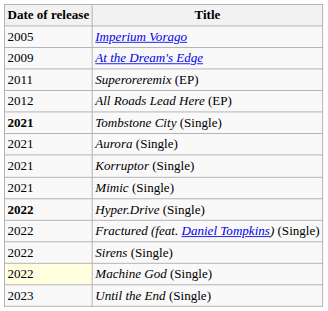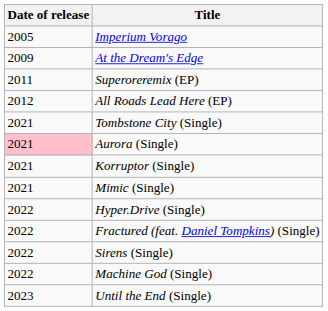 <table class="wikitable" style="font-size: 95%;">
 <tr>
 <th>Date of release</th>
 <th>Title</th>
 </tr>
 <tr>
 <td>2005</td>
 <td><em><a href='#'>Imperium Vorago</a></em></td>
 </tr>
 <tr>
 <td>2009</td>
 <td><em><a href='#'>At the Dream's Edge</a></em></td>
 </tr>
 <tr>
 <td>2011</td>
 <td><em>Superoreremix</em> (EP)</td>
 </tr>
 <tr>
 <td>2012</td>
 <td><em>All Roads Lead Here</em> (EP)</td>
 </tr>
 <tr>
-<td><strong>2021</strong></td>
+<td>2021</td>
 <td><em>Tombstone City</em> (Single)</td>
 </tr>
 <tr>
-<td>2021</td>
+<td style="background: pink;">2021</td>
 <td><em>Aurora</em> (Single)</td>
 </tr>
 <tr>
 <td>2021</td>
 <td><em>Korruptor</em> (Single)</td>
 </tr>
 <tr>
 <td>2021</td>
 <td><em>Mimic</em> (Single)</td>
 </tr>
 <tr>
-<td><strong>2022</strong></td>
+<td>2022</td>
 <td><em>Hyper.Drive</em> (Single)</td>
 </tr>
 <tr>
 <td>2022</td>
 <td><em>Fractured (feat. <a href='#'>Daniel Tompkins</a>)</em> (Single)</td>
 </tr>
 <tr>
 <td>2022</td>
 <td><em>Sirens</em> (Single)</td>
 </tr>
 <tr>
-<td style="background: lightyellow;">2022</td>
+<td>2022</td>
 <td><em>Machine God</em> (Single)</td>
 </tr>
 <tr>
 <td>2023</td>
 <td><em>Until the End</em> (Single)</td>
 </tr>
 </table>
